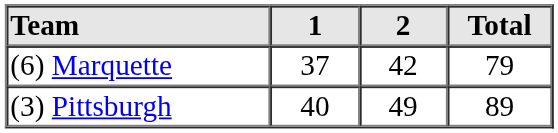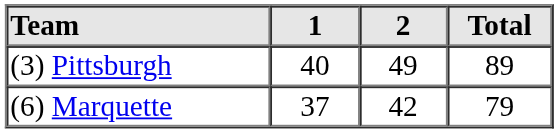 <table border=1 cellspacing=0 width=300 style="margin-left:3em;">
 <tr style="text-align:center; background-color:#e6e6e6;">
 <th align=left width=30%>Team</th>
 <th width=10%>1</th>
 <th width=10%>2</th>
 <th width=10%>Total</th>
 </tr>
 <tr style="text-align:center;">
+<td align=left>(3) <a href='#'>Pittsburgh</a></td>
+<td>40</td>
+<td>49</td>
+<td>89</td>
+</tr>
+<tr style="text-align:center;">
 <td align=left>(6) <a href='#'>Marquette</a></td>
 <td>37</td>
 <td>42</td>
 <td>79</td>
 </tr>
 <tr style="text-align:center;">
-<td align=left>(3) <a href='#'>Pittsburgh</a></td>
-<td>40</td>
-<td>49</td>
-<td>89</td>
-</tr>
-<tr style="text-align:center;">
 </tr>
 </table>
